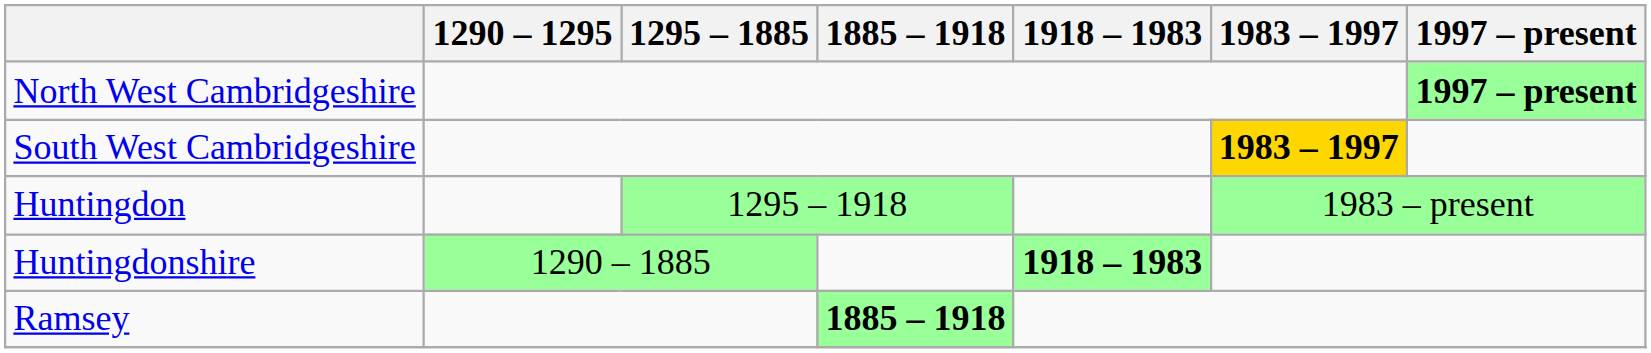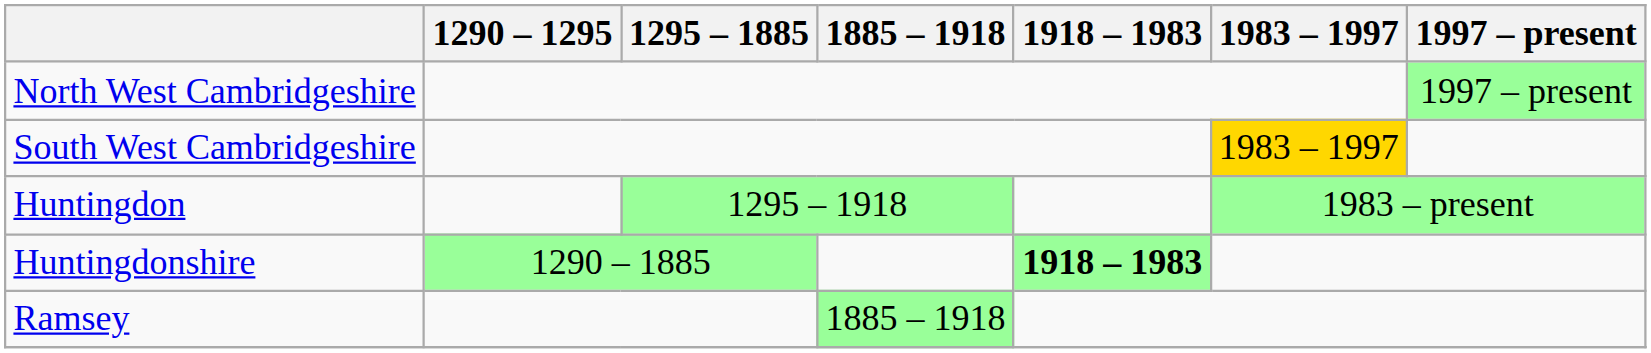 <table class="wikitable">
 <tr>
 <th> </th>
 <th>1290 – 1295</th>
 <th>1295 – 1885</th>
 <th>1885 – 1918</th>
 <th>1918 – 1983</th>
 <th>1983 – 1997</th>
 <th>1997 – present</th>
 </tr>
 <tr>
 <td><a href='#'>North West Cambridgeshire</a></td>
 <td colspan="5"> </td>
-<td colspan="1" align="center" bgcolor="#99FF99"><strong>1997 – present</strong></td>
+<td colspan="1" align="center" bgcolor="#99FF99">1997 – present</td>
 </tr>
 <tr>
 <td><a href='#'>South West Cambridgeshire</a></td>
 <td colspan="4"> </td>
-<td colspan="1" align="center" bgcolor="#ffd700"><strong>1983 – 1997</strong></td>
+<td colspan="1" align="center" bgcolor="#ffd700">1983 – 1997</td>
 <td colspan="1"> </td>
 </tr>
 <tr>
 <td><a href='#'>Huntingdon</a></td>
 <td colspan="1"> </td>
 <td colspan="2" align="center" bgcolor="#99FF99">1295 – 1918</td>
 <td colspan="1"> </td>
 <td colspan="2" align="center" bgcolor="#99FF99">1983 – present</td>
 </tr>
 <tr>
 <td><a href='#'>Huntingdonshire</a></td>
 <td colspan="2" align="center" bgcolor="#99FF99">1290 – 1885</td>
 <td colspan="1"> </td>
 <td colspan="1" align="center" bgcolor="#99FF99"><strong>1918 – 1983</strong></td>
 <td colspan="2"> </td>
 </tr>
 <tr>
 <td><a href='#'>Ramsey</a></td>
 <td colspan="2"> </td>
-<td colspan="1" align="center" bgcolor="#99FF99"><strong>1885 – 1918</strong></td>
+<td colspan="1" align="center" bgcolor="#99FF99">1885 – 1918</td>
 <td colspan="3"> </td>
 </tr>
 <tr>
 </tr>
 </table>
